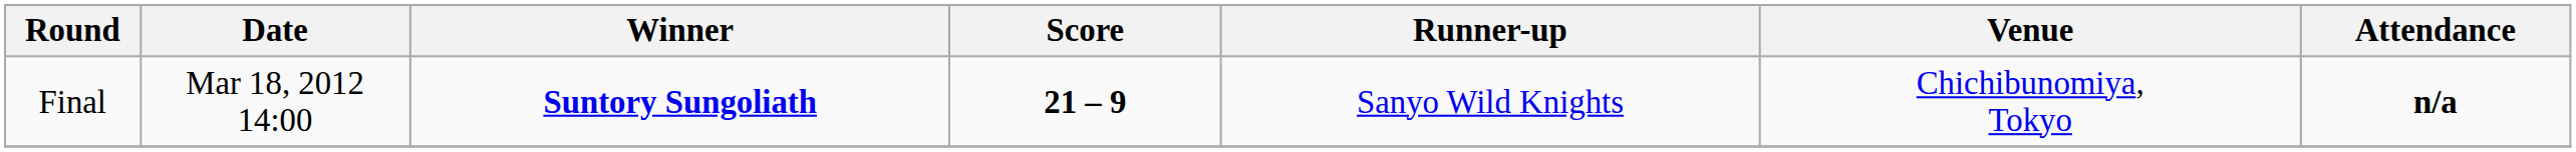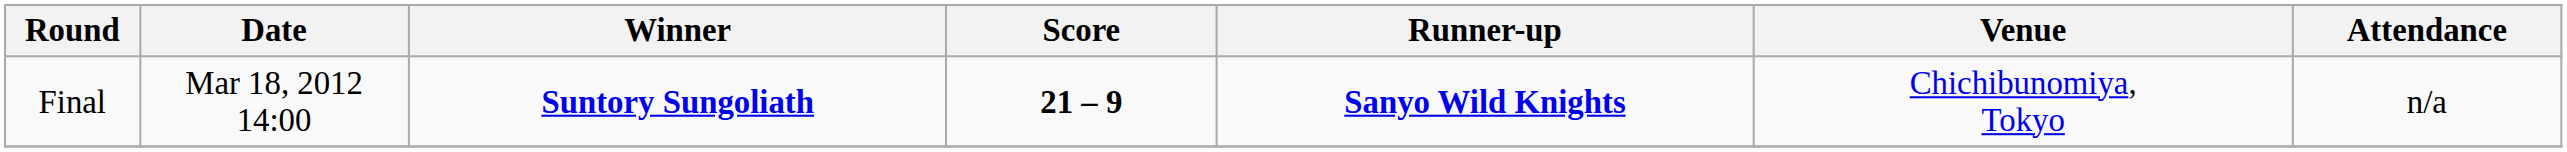 <table class="wikitable" style="text-align: center;">
 <tr>
 <th width=5%>Round</th>
 <th width=10%>Date</th>
 <th width=20%>Winner</th>
 <th width=10%>Score</th>
 <th width=20%>Runner-up</th>
 <th width=20%>Venue</th>
 <th width=10%>Attendance</th>
 </tr>
 <tr>
 <td>Final</td>
 <td>Mar 18, 2012 14:00<br></td>
 <td><strong><a href='#'>Suntory Sungoliath</a></strong></td>
 <td><strong>21 – 9</strong><br></td>
-<td><a href='#'>Sanyo Wild Knights</a></td>
+<td><strong><a href='#'>Sanyo Wild Knights</a></strong></td>
 <td><a href='#'>Chichibunomiya</a>,<br><a href='#'>Tokyo</a></td>
-<td><strong>n/a</strong></td>
+<td>n/a</td>
 </tr>
 <tr>
 </tr>
 </table>
